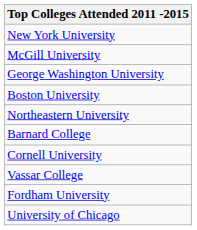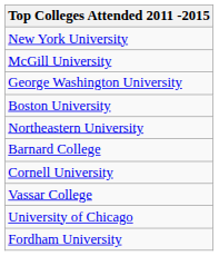 <table class="wikitable">
 <tr>
 <th>Top Colleges Attended 2011 -2015</th>
 </tr>
 <tr>
 <td><a href='#'>New York University</a></td>
 </tr>
 <tr>
 <td><a href='#'>McGill University</a></td>
 </tr>
 <tr>
 <td><a href='#'>George Washington University</a></td>
 </tr>
 <tr>
 <td><a href='#'>Boston University</a></td>
 </tr>
 <tr>
 <td><a href='#'>Northeastern University</a></td>
 </tr>
 <tr>
 <td><a href='#'>Barnard College</a></td>
 </tr>
 <tr>
 <td><a href='#'>Cornell University</a></td>
 </tr>
 <tr>
 <td><a href='#'>Vassar College</a></td>
 </tr>
 <tr>
+<td><a href='#'>University of Chicago</a></td>
+</tr>
+<tr>
 <td><a href='#'>Fordham University</a></td>
 </tr>
-<tr>
-<td><a href='#'>University of Chicago</a></td>
-</tr>
 </table>
